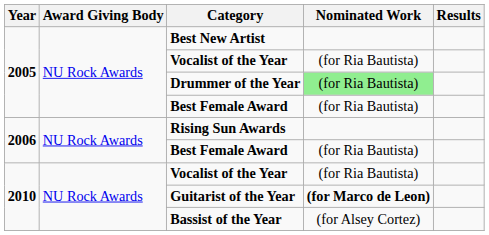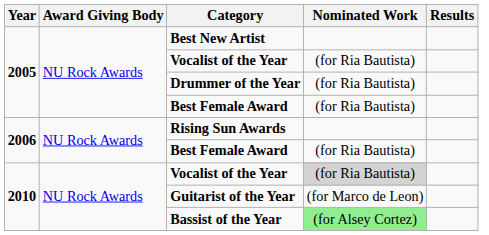 <table class="wikitable">
 <tr>
 <th>Year</th>
 <th>Award Giving Body</th>
 <th>Category</th>
 <th>Nominated Work</th>
 <th>Results</th>
 </tr>
 <tr>
 <td rowspan=4><strong>2005</strong></td>
 <td rowspan=4><a href='#'>NU Rock Awards</a></td>
 <td><strong>Best New Artist</strong></td>
 <td></td>
 <td></td>
 </tr>
 <tr>
 <td><strong>Vocalist of the Year</strong></td>
 <td align=center>(for Ria Bautista)</td>
 <td></td>
 </tr>
 <tr>
 <td><strong>Drummer of the Year</strong></td>
-<td align=center style="background: lightgreen;">(for Ria Bautista)</td>
+<td align=center>(for Ria Bautista)</td>
 <td></td>
 </tr>
 <tr>
 <td><strong>Best Female Award</strong></td>
 <td align=center>(for Ria Bautista)</td>
 <td></td>
 </tr>
 <tr>
 <td rowspan=2><strong>2006</strong></td>
 <td rowspan=2><a href='#'>NU Rock Awards</a></td>
 <td><strong>Rising Sun Awards</strong></td>
 <td></td>
 <td></td>
 </tr>
 <tr>
 <td><strong>Best Female Award</strong></td>
 <td align=center>(for Ria Bautista)</td>
 <td></td>
 </tr>
 <tr>
 <td rowspan=3><strong>2010</strong></td>
 <td rowspan=3><a href='#'>NU Rock Awards</a></td>
 <td><strong>Vocalist of the Year</strong></td>
-<td align=center>(for Ria Bautista)</td>
+<td align=center style="background: lightgrey;">(for Ria Bautista)</td>
 <td></td>
 </tr>
 <tr>
 <td><strong>Guitarist of the Year</strong></td>
-<td align=center><strong>(for Marco de Leon)</strong></td>
+<td align=center>(for Marco de Leon)</td>
 <td></td>
 </tr>
 <tr>
 <td><strong>Bassist of the Year</strong></td>
-<td align=center>(for Alsey Cortez)</td>
+<td align=center style="background: lightgreen;">(for Alsey Cortez)</td>
 <td></td>
 </tr>
 </table>
